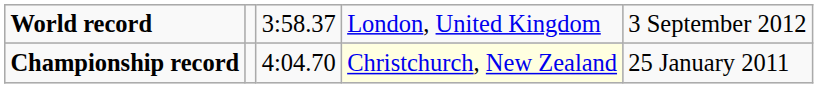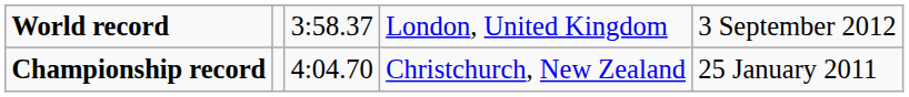 <table class="wikitable">
 <tr>
 <td><strong>World record</strong></td>
 <td></td>
 <td>3:58.37</td>
 <td><a href='#'>London</a>, <a href='#'>United Kingdom</a></td>
 <td>3 September 2012</td>
 </tr>
 <tr>
 <td><strong>Championship record</strong></td>
 <td></td>
 <td>4:04.70</td>
-<td style="background: lightyellow;"><a href='#'>Christchurch</a>, <a href='#'>New Zealand</a></td>
+<td><a href='#'>Christchurch</a>, <a href='#'>New Zealand</a></td>
 <td>25 January 2011</td>
 </tr>
 </table>
